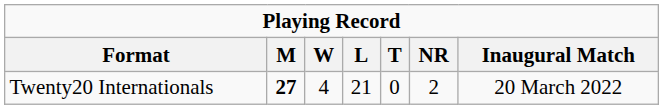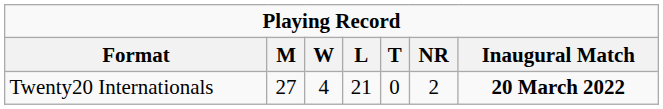 <table class="wikitable" style="text-align: center; width: 500px;">
 <tr>
 <td colspan=7 align="center"><strong>Playing Record</strong></td>
 </tr>
 <tr>
 <th>Format</th>
 <th>M</th>
 <th>W</th>
 <th>L</th>
 <th>T</th>
 <th>NR</th>
 <th>Inaugural Match</th>
 </tr>
 <tr>
 <td align="left">Twenty20 Internationals</td>
-<td><strong>27</strong></td>
+<td>27</td>
 <td>4</td>
 <td>21</td>
 <td>0</td>
 <td>2</td>
-<td>20 March 2022</td>
+<td><strong>20 March 2022</strong></td>
 </tr>
 </table>
